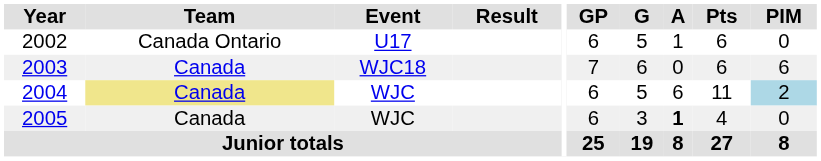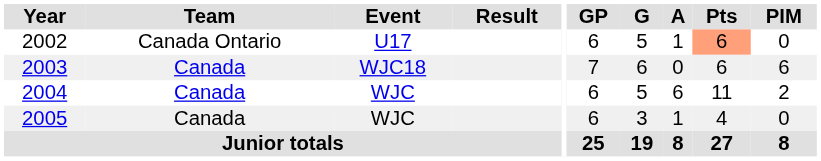 <table border="0" cellpadding="1" cellspacing="0" ID="Table3" style="text-align:center; width:40em">
 <tr ALIGN="center" bgcolor="#e0e0e0">
 <th>Year</th>
 <th>Team</th>
 <th>Event</th>
 <th>Result</th>
 <th rowspan="99" bgcolor="#ffffff"></th>
 <th>GP</th>
 <th>G</th>
 <th>A</th>
 <th>Pts</th>
 <th>PIM</th>
 </tr>
 <tr>
 <td>2002</td>
 <td>Canada Ontario</td>
 <td><a href='#'>U17</a></td>
 <td></td>
 <td>6</td>
 <td>5</td>
 <td>1</td>
-<td>6</td>
+<td style="background: lightsalmon;">6</td>
 <td>0</td>
 </tr>
 <tr bgcolor="#f0f0f0">
 <td><a href='#'>2003</a></td>
 <td><a href='#'>Canada</a></td>
 <td><a href='#'>WJC18</a></td>
 <td></td>
 <td>7</td>
 <td>6</td>
 <td>0</td>
 <td>6</td>
 <td>6</td>
 </tr>
 <tr>
 <td><a href='#'>2004</a></td>
-<td style="background: khaki;"><a href='#'>Canada</a></td>
+<td><a href='#'>Canada</a></td>
 <td><a href='#'>WJC</a></td>
 <td></td>
 <td>6</td>
 <td>5</td>
 <td>6</td>
 <td>11</td>
-<td style="background: lightblue;">2</td>
+<td>2</td>
 </tr>
 <tr bgcolor="#f0f0f0">
 <td><a href='#'>2005</a></td>
 <td>Canada</td>
 <td>WJC</td>
 <td></td>
 <td>6</td>
 <td>3</td>
-<td><strong>1</strong></td>
+<td>1</td>
 <td>4</td>
 <td>0</td>
 </tr>
 <tr bgcolor="#e0e0e0">
 <th colspan="4">Junior totals</th>
 <th>25</th>
 <th>19</th>
 <th>8</th>
 <th>27</th>
 <th>8</th>
 </tr>
 </table>
